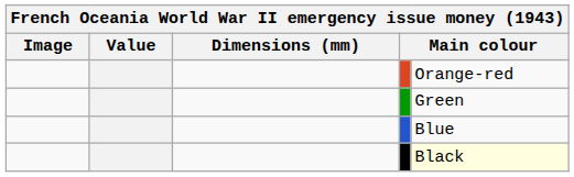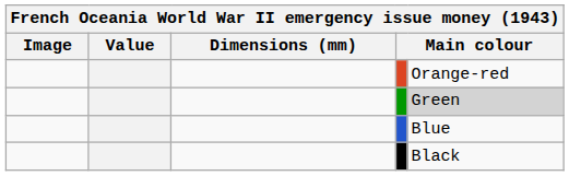 <table class="wikitable"  style="margin:auto; font-size:90%;">
 <tr>
 <th colspan="5">French Oceania World War II emergency issue money (1943)</th>
 </tr>
 <tr>
 <th>Image</th>
 <th>Value</th>
 <th>Dimensions (mm)</th>
 <th colspan="2">Main colour</th>
 </tr>
 <tr>
 <td style="text-align:center"></td>
 <th></th>
 <td style="text-align:center"></td>
 <td style="text-align:center; background:#d42"></td>
 <td>Orange-red</td>
 </tr>
 <tr>
 <td style="text-align:center"></td>
 <th></th>
 <td style="text-align:center"></td>
 <td style="text-align:center; background:#090"></td>
-<td>Green</td>
+<td style="background: lightgrey;">Green</td>
 </tr>
 <tr>
 <td style="text-align:center"></td>
 <th></th>
 <td style="text-align:center"></td>
 <td style="text-align:center; background:#25c"></td>
 <td>Blue</td>
 </tr>
 <tr>
 <td style="text-align:center"></td>
 <th></th>
 <td style="text-align:center"></td>
 <td style="text-align:center; background:#000"></td>
-<td style="background: lightyellow;">Black</td>
+<td>Black</td>
 </tr>
 </table>
